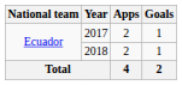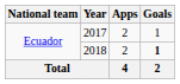 <table class="wikitable" style="text-align:center">
 <tr>
 <th>National team</th>
 <th>Year</th>
 <th>Apps</th>
 <th>Goals</th>
 </tr>
 <tr>
 <td rowspan="2"><a href='#'>Ecuador</a></td>
 <td>2017</td>
 <td>2</td>
 <td>1</td>
 </tr>
 <tr>
 <td>2018</td>
 <td>2</td>
-<td>1</td>
+<td><strong>1</strong></td>
 </tr>
 <tr>
 <th colspan="2">Total</th>
 <th>4</th>
 <th>2</th>
 </tr>
 </table>
